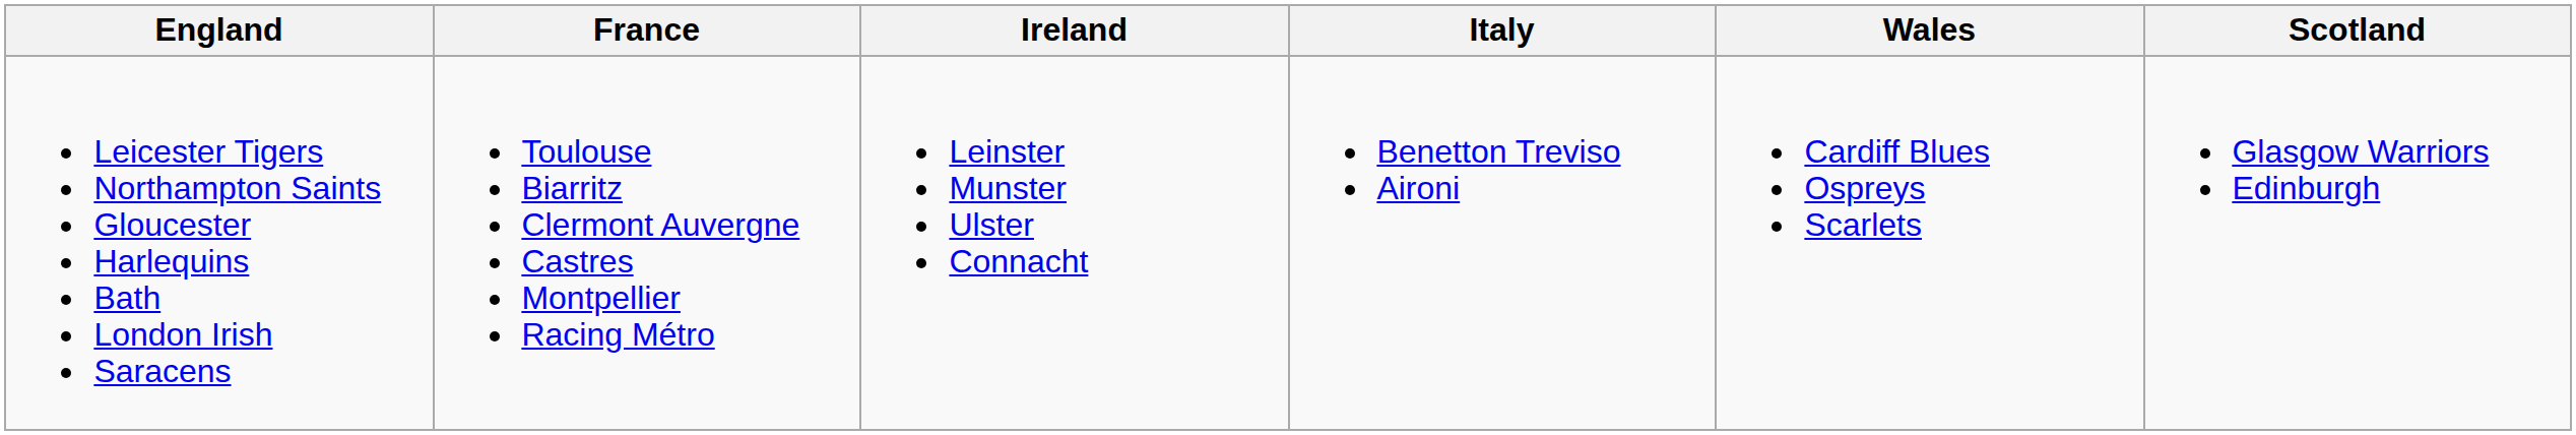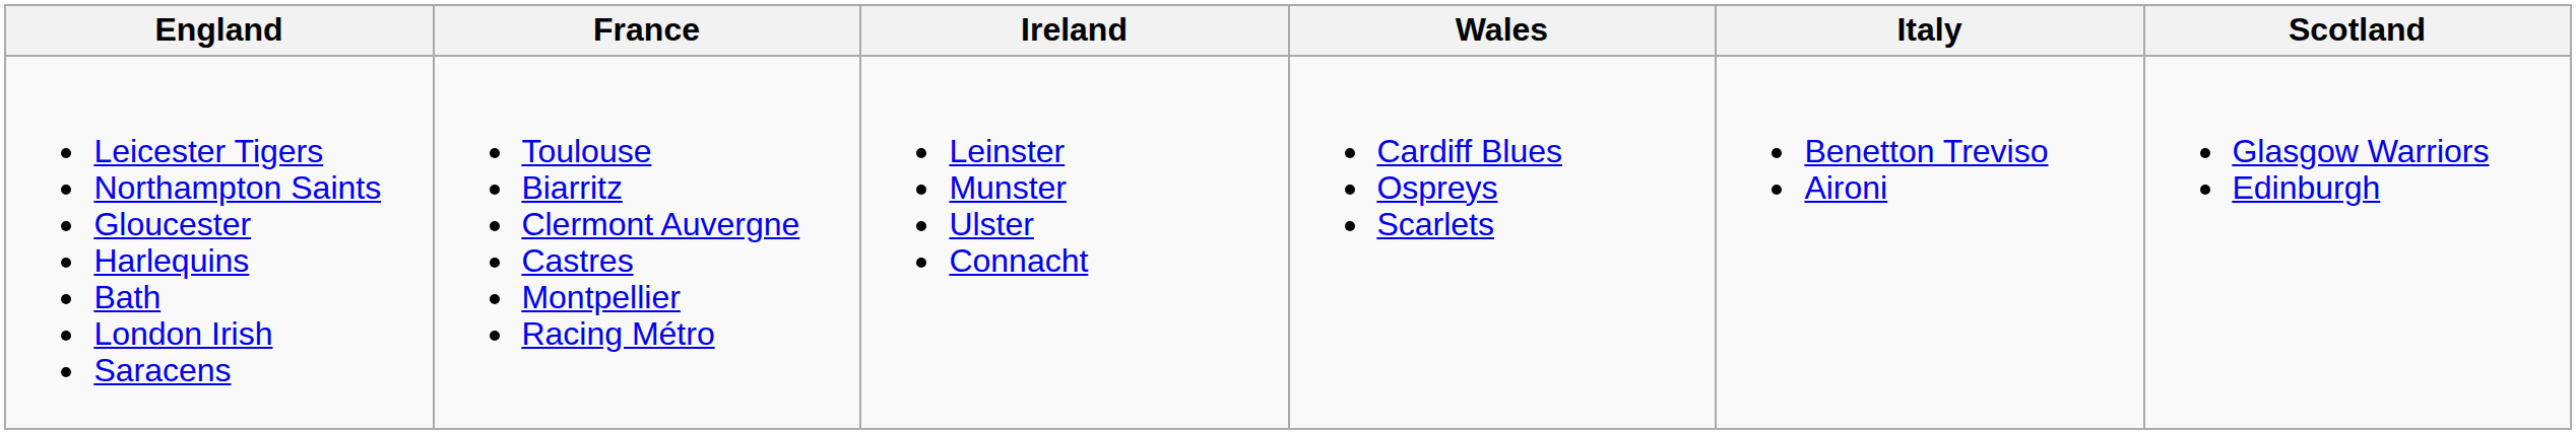 <table class="wikitable" style="width:100%;">
 <tr>
 <th width=16%>England</th>
 <th width=16%>France</th>
 <th width=16%>Ireland</th>
+<th width=16%>Wales</th>
 <th width=16%>Italy</th>
-<th width=16%>Wales</th>
 <th width=16%>Scotland</th>
 </tr>
 <tr valign=top>
 <td><br><ul><li><a href='#'>Leicester Tigers</a></li><li><a href='#'>Northampton Saints</a></li><li><a href='#'>Gloucester</a></li><li><a href='#'>Harlequins</a></li><li><a href='#'>Bath</a></li><li><a href='#'>London Irish</a></li><li><a href='#'>Saracens</a></li></ul></td>
 <td><br><ul><li><a href='#'>Toulouse</a></li><li><a href='#'>Biarritz</a></li><li><a href='#'>Clermont Auvergne</a></li><li><a href='#'>Castres</a></li><li><a href='#'>Montpellier</a></li><li><a href='#'>Racing Métro</a></li></ul></td>
 <td><br><ul><li><a href='#'>Leinster</a></li><li><a href='#'>Munster</a></li><li><a href='#'>Ulster</a></li><li><a href='#'>Connacht</a></li></ul></td>
+<td><br><ul><li><a href='#'>Cardiff Blues</a></li><li><a href='#'>Ospreys</a></li><li><a href='#'>Scarlets</a></li></ul></td>
 <td><br><ul><li><a href='#'>Benetton Treviso</a></li><li><a href='#'>Aironi</a></li></ul></td>
-<td><br><ul><li><a href='#'>Cardiff Blues</a></li><li><a href='#'>Ospreys</a></li><li><a href='#'>Scarlets</a></li></ul></td>
 <td><br><ul><li><a href='#'>Glasgow Warriors</a></li><li><a href='#'>Edinburgh</a></li></ul></td>
 </tr>
 </table>
